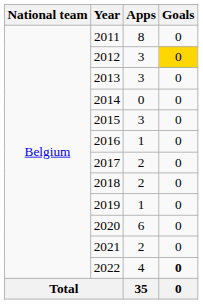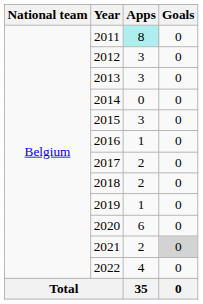 <table class="wikitable" style="text-align: center;">
 <tr>
 <th>National team</th>
 <th>Year</th>
 <th>Apps</th>
 <th>Goals</th>
 </tr>
 <tr>
 <td rowspan="12"><a href='#'>Belgium</a></td>
 <td>2011</td>
-<td>8</td>
+<td style="background: paleturquoise;">8</td>
 <td>0</td>
 </tr>
 <tr>
 <td>2012</td>
 <td>3</td>
-<td style="background: gold;">0</td>
+<td>0</td>
 </tr>
 <tr>
 <td>2013</td>
 <td>3</td>
 <td>0</td>
 </tr>
 <tr>
 <td>2014</td>
 <td>0</td>
 <td>0</td>
 </tr>
 <tr>
 <td>2015</td>
 <td>3</td>
 <td>0</td>
 </tr>
 <tr>
 <td>2016</td>
 <td>1</td>
 <td>0</td>
 </tr>
 <tr>
 <td>2017</td>
 <td>2</td>
 <td>0</td>
 </tr>
 <tr>
 <td>2018</td>
 <td>2</td>
 <td>0</td>
 </tr>
 <tr>
 <td>2019</td>
 <td>1</td>
 <td>0</td>
 </tr>
 <tr>
 <td>2020</td>
 <td>6</td>
 <td>0</td>
 </tr>
 <tr>
 <td>2021</td>
 <td>2</td>
-<td>0</td>
+<td style="background: lightgrey;">0</td>
 </tr>
 <tr>
 <td>2022</td>
 <td>4</td>
-<td><strong>0</strong></td>
+<td>0</td>
 </tr>
 <tr>
 <th colspan="2">Total</th>
 <th>35</th>
 <th>0</th>
 </tr>
 </table>
